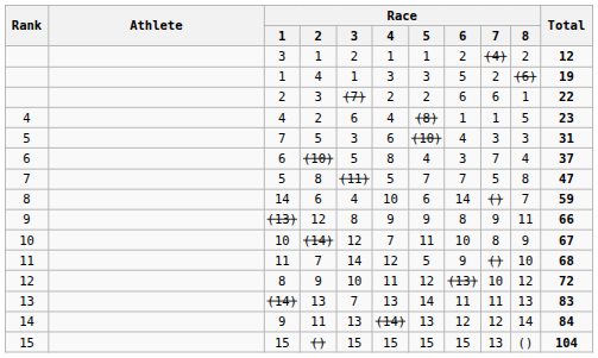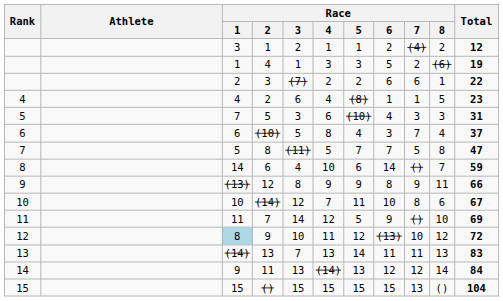 <table class="wikitable" style="text-align:center">
 <tr>
 <th rowspan="2" width=40>Rank</th>
 <th rowspan="2" width=250>Athlete</th>
 <th colspan="8">Race</th>
 <th rowspan="2" width=50>Total</th>
 </tr>
 <tr>
 <th width=25>1</th>
 <th width=25>2</th>
 <th width=25>3</th>
 <th width=25>4</th>
 <th width=25>5</th>
 <th width=25>6</th>
 <th width=25>7</th>
 <th width=25>8</th>
 </tr>
 <tr>
 <td></td>
 <td align=left></td>
 <td>3</td>
 <td>1</td>
 <td>2</td>
 <td>1</td>
 <td>1</td>
 <td>2</td>
 <td><s>(4)</s></td>
 <td>2</td>
 <td><strong>12</strong></td>
 </tr>
 <tr>
 <td></td>
 <td align=left></td>
 <td>1</td>
 <td>4</td>
 <td>1</td>
 <td>3</td>
 <td>3</td>
 <td>5</td>
 <td>2</td>
 <td><s>(6)</s></td>
 <td><strong>19</strong></td>
 </tr>
 <tr>
 <td></td>
 <td align=left></td>
 <td>2</td>
 <td>3</td>
 <td><s>(7)</s></td>
 <td>2</td>
 <td>2</td>
 <td>6</td>
 <td>6</td>
 <td>1</td>
 <td><strong>22</strong></td>
 </tr>
 <tr>
 <td>4</td>
 <td align=left></td>
 <td>4</td>
 <td>2</td>
 <td>6</td>
 <td>4</td>
 <td><s>(8)</s></td>
 <td>1</td>
 <td>1</td>
 <td>5</td>
 <td><strong>23</strong></td>
 </tr>
 <tr>
 <td>5</td>
 <td align=left></td>
 <td>7</td>
 <td>5</td>
 <td>3</td>
 <td>6</td>
 <td><s>(10)</s></td>
 <td>4</td>
 <td>3</td>
 <td>3</td>
 <td><strong>31</strong></td>
 </tr>
 <tr>
 <td>6</td>
 <td align=left></td>
 <td>6</td>
 <td><s>(10)</s></td>
 <td>5</td>
 <td>8</td>
 <td>4</td>
 <td>3</td>
 <td>7</td>
 <td>4</td>
 <td><strong>37</strong></td>
 </tr>
 <tr>
 <td>7</td>
 <td align=left></td>
 <td>5</td>
 <td>8</td>
 <td><s>(11)</s></td>
 <td>5</td>
 <td>7</td>
 <td>7</td>
 <td>5</td>
 <td>8</td>
 <td><strong>47</strong></td>
 </tr>
 <tr>
 <td>8</td>
 <td align=left></td>
 <td>14</td>
 <td>6</td>
 <td>4</td>
 <td>10</td>
 <td>6</td>
 <td>14</td>
 <td><s>()</s></td>
 <td>7</td>
 <td><strong>59</strong></td>
 </tr>
 <tr>
 <td>9</td>
 <td align=left></td>
 <td><s>(13)</s></td>
 <td>12</td>
 <td>8</td>
 <td>9</td>
 <td>9</td>
 <td>8</td>
 <td>9</td>
 <td>11</td>
 <td><strong>66</strong></td>
 </tr>
 <tr>
 <td>10</td>
 <td align=left></td>
 <td>10</td>
 <td><s>(14)</s></td>
 <td>12</td>
 <td>7</td>
 <td>11</td>
 <td>10</td>
 <td>8</td>
-<td>9</td>
+<td>6</td>
 <td><strong>67</strong></td>
 </tr>
 <tr>
 <td>11</td>
 <td align=left></td>
 <td>11</td>
 <td>7</td>
 <td>14</td>
 <td>12</td>
 <td>5</td>
 <td>9</td>
 <td><s>()</s></td>
 <td>10</td>
-<td><strong>68</strong></td>
+<td><strong>69</strong></td>
 </tr>
 <tr>
 <td>12</td>
 <td align=left></td>
-<td>8</td>
+<td style="background: lightblue;">8</td>
 <td>9</td>
 <td>10</td>
 <td>11</td>
 <td>12</td>
 <td><s>(13)</s></td>
 <td>10</td>
 <td>12</td>
 <td><strong>72</strong></td>
 </tr>
 <tr>
 <td>13</td>
 <td align=left></td>
 <td><s>(14)</s></td>
 <td>13</td>
 <td>7</td>
 <td>13</td>
 <td>14</td>
 <td>11</td>
 <td>11</td>
 <td>13</td>
 <td><strong>83</strong></td>
 </tr>
 <tr>
 <td>14</td>
 <td align=left></td>
 <td>9</td>
 <td>11</td>
 <td>13</td>
 <td><s>(14)</s></td>
 <td>13</td>
 <td>12</td>
 <td>12</td>
 <td>14</td>
 <td><strong>84</strong></td>
 </tr>
 <tr>
 <td>15</td>
 <td align=left></td>
 <td>15</td>
 <td><s>()</s></td>
 <td>15</td>
 <td>15</td>
 <td>15</td>
 <td>15</td>
 <td>13</td>
 <td>()</td>
 <td><strong>104</strong></td>
 </tr>
 </table>
